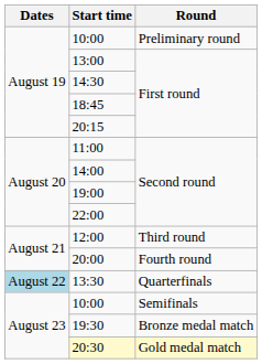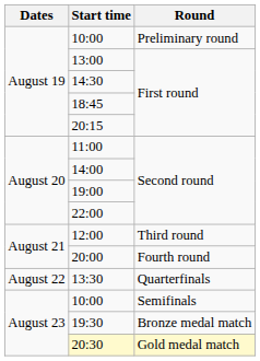 <table class="wikitable">
 <tr>
 <th>Dates</th>
 <th>Start time</th>
 <th>Round</th>
 </tr>
 <tr>
 <td rowspan=5>August 19</td>
 <td>10:00</td>
 <td>Preliminary round</td>
 </tr>
 <tr>
 <td>13:00</td>
 <td rowspan=4>First round</td>
 </tr>
 <tr>
 <td>14:30</td>
 </tr>
 <tr>
 <td>18:45</td>
 </tr>
 <tr>
 <td>20:15</td>
 </tr>
 <tr>
 <td rowspan=4>August 20</td>
 <td>11:00</td>
 <td rowspan=4>Second round</td>
 </tr>
 <tr>
 <td>14:00</td>
 </tr>
 <tr>
 <td>19:00</td>
 </tr>
 <tr>
 <td>22:00</td>
 </tr>
 <tr>
 <td rowspan=2>August 21</td>
 <td>12:00</td>
 <td>Third round</td>
 </tr>
 <tr>
 <td>20:00</td>
 <td>Fourth round</td>
 </tr>
 <tr>
-<td style="background: lightblue;">August 22</td>
+<td>August 22</td>
 <td>13:30</td>
 <td>Quarterfinals</td>
 </tr>
 <tr>
 <td rowspan=4>August 23</td>
 <td>10:00</td>
 <td>Semifinals</td>
 </tr>
 <tr>
 <td>19:30</td>
 <td>Bronze medal match</td>
 </tr>
 <tr style=background:lemonchiffon>
 <td>20:30</td>
 <td>Gold medal match</td>
 </tr>
 </table>
